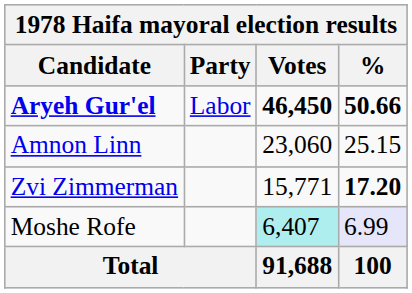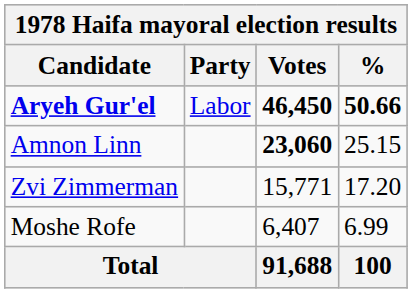 <table class="wikitable sortable">
 <tr>
 <th colspan=4><strong>1978 Haifa mayoral election results</strong></th>
 </tr>
 <tr>
 <th>Candidate</th>
 <th>Party</th>
 <th>Votes</th>
 <th>%</th>
 </tr>
 <tr>
 <td><strong><a href='#'>Aryeh Gur'el</a></strong></td>
 <td><a href='#'>Labor</a></td>
 <td><strong>46,450</strong></td>
 <td><strong>50.66</strong></td>
 </tr>
 <tr>
 <td><a href='#'>Amnon Linn</a></td>
 <td></td>
-<td>23,060</td>
+<td><strong>23,060</strong></td>
 <td>25.15</td>
 </tr>
 <tr>
 <td><a href='#'>Zvi Zimmerman</a></td>
 <td></td>
 <td>15,771</td>
-<td><strong>17.20</strong></td>
+<td>17.20</td>
 </tr>
 <tr>
 <td>Moshe Rofe</td>
 <td></td>
-<td style="background: paleturquoise;">6,407</td>
-<td style="background: lavender;">6.99</td>
+<td>6,407</td>
+<td>6.99</td>
 </tr>
 <tr>
 <th colspan=2>Total</th>
 <th>91,688</th>
 <th>100</th>
 </tr>
 </table>
